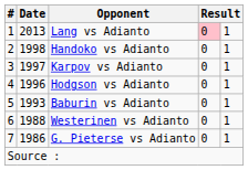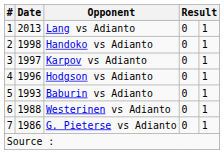 <table class="wikitable sortable">
 <tr>
 <th>#</th>
 <th>Date</th>
 <th>Opponent</th>
 <th colspan="2">Result</th>
 </tr>
 <tr>
 <td>1</td>
 <td>2013</td>
 <td><a href='#'>Lang</a> vs Adianto</td>
-<td style="background: pink;">0</td>
+<td>0</td>
 <td>1</td>
 </tr>
 <tr>
 <td>2</td>
 <td>1998</td>
 <td><a href='#'>Handoko</a> vs Adianto</td>
 <td>0</td>
 <td>1</td>
 </tr>
 <tr>
 <td>3</td>
 <td>1997</td>
 <td><a href='#'>Karpov</a> vs Adianto</td>
 <td>0</td>
 <td>1</td>
 </tr>
 <tr>
 <td>4</td>
 <td>1996</td>
 <td><a href='#'>Hodgson</a> vs Adianto</td>
 <td>0</td>
 <td>1</td>
 </tr>
 <tr>
 <td>5</td>
 <td>1993</td>
 <td><a href='#'>Baburin</a> vs Adianto</td>
 <td>0</td>
 <td>1</td>
 </tr>
 <tr>
 <td>6</td>
 <td>1988</td>
 <td><a href='#'>Westerinen</a> vs Adianto</td>
 <td>0</td>
 <td>1</td>
 </tr>
 <tr>
 <td>7</td>
 <td>1986</td>
 <td><a href='#'>G. Pieterse</a> vs Adianto</td>
 <td>0</td>
 <td>1</td>
 </tr>
 <tr>
 <td colspan="5">Source :</td>
 </tr>
 </table>
